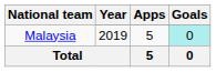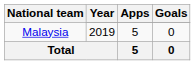 <table class=wikitable style="text-align: center;">
 <tr>
 <th>National team</th>
 <th>Year</th>
 <th>Apps</th>
 <th>Goals</th>
 </tr>
 <tr>
 <td rowspan=2><a href='#'>Malaysia</a></td>
 </tr>
 <tr>
 <td>2019</td>
 <td>5</td>
-<td style="background: paleturquoise;">0</td>
+<td>0</td>
 </tr>
 <tr>
 <th colspan=2>Total</th>
 <th>5</th>
 <th>0</th>
 </tr>
 </table>
